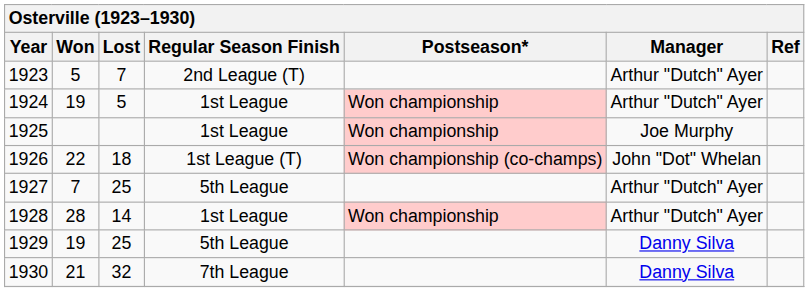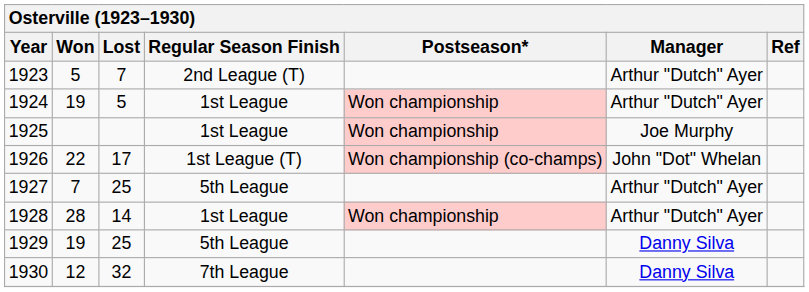 <table class="wikitable" style="text-align:center">
 <tr>
 <th style="text-align:left" colspan="7"><strong><span>Osterville (1923–1930)</span></strong></th>
 </tr>
 <tr>
 <th>Year</th>
 <th>Won</th>
 <th>Lost</th>
 <th>Regular Season Finish</th>
 <th scope="col">Postseason*</th>
 <th>Manager</th>
 <th>Ref</th>
 </tr>
 <tr>
 <td>1923</td>
 <td>5</td>
 <td>7</td>
 <td>2nd League (T)</td>
 <td></td>
 <td>Arthur "Dutch" Ayer</td>
 <td></td>
 </tr>
 <tr>
 <td>1924</td>
 <td>19</td>
 <td>5</td>
 <td>1st League</td>
 <td style="text-align:left" bgcolor=#ffcccc>Won championship</td>
 <td>Arthur "Dutch" Ayer</td>
 <td></td>
 </tr>
 <tr>
 <td>1925</td>
 <td></td>
 <td></td>
 <td>1st League</td>
 <td style="text-align:left" bgcolor=#ffcccc>Won championship</td>
 <td>Joe Murphy</td>
 <td></td>
 </tr>
 <tr>
 <td>1926</td>
 <td>22</td>
-<td>18</td>
+<td>17</td>
 <td>1st League (T)</td>
 <td style="text-align:left" bgcolor=#ffcccc>Won championship (co-champs)</td>
 <td>John "Dot" Whelan</td>
 <td></td>
 </tr>
 <tr>
 <td>1927</td>
 <td>7</td>
 <td>25</td>
 <td>5th League</td>
 <td></td>
 <td>Arthur "Dutch" Ayer</td>
 <td></td>
 </tr>
 <tr>
 <td>1928</td>
 <td>28</td>
 <td>14</td>
 <td>1st League</td>
 <td style="text-align:left" bgcolor=#ffcccc>Won championship</td>
 <td>Arthur "Dutch" Ayer</td>
 <td></td>
 </tr>
 <tr>
 <td>1929</td>
 <td>19</td>
 <td>25</td>
 <td>5th League</td>
 <td></td>
 <td><a href='#'>Danny Silva</a></td>
 <td></td>
 </tr>
 <tr>
 <td>1930</td>
-<td>21</td>
+<td>12</td>
 <td>32</td>
 <td>7th League</td>
 <td></td>
 <td><a href='#'>Danny Silva</a></td>
 <td></td>
 </tr>
 <tr>
 </tr>
 </table>
